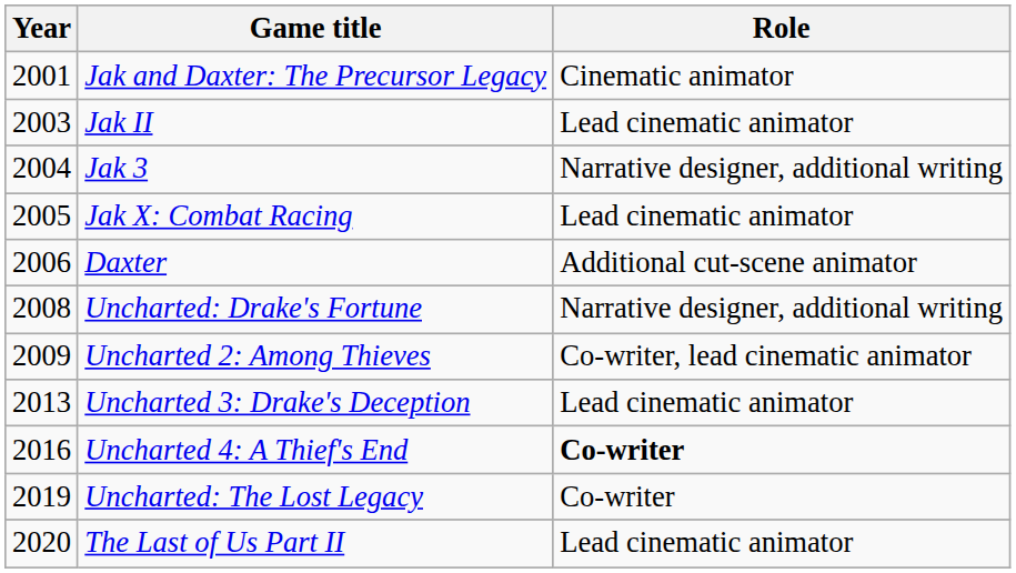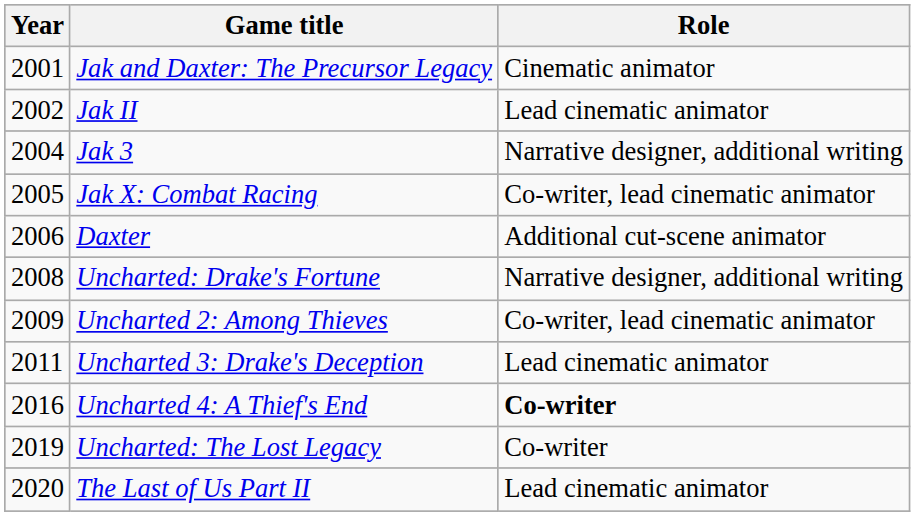 <table class="wikitable sortable" style="border:none; margin:0;">
 <tr valign="bottom">
 <th scope="col">Year</th>
 <th scope="col">Game title</th>
 <th scope="col">Role</th>
 </tr>
 <tr>
 <td>2001</td>
 <td><em><a href='#'>Jak and Daxter: The Precursor Legacy</a></em></td>
 <td>Cinematic animator</td>
 </tr>
 <tr>
-<td>2003</td>
+<td>2002</td>
 <td><em><a href='#'>Jak II</a></em></td>
 <td>Lead cinematic animator</td>
 </tr>
 <tr>
 <td>2004</td>
 <td><em><a href='#'>Jak 3</a></em></td>
 <td>Narrative designer, additional writing</td>
 </tr>
 <tr>
 <td>2005</td>
 <td><em><a href='#'>Jak X: Combat Racing</a></em></td>
-<td>Lead cinematic animator</td>
+<td>Co-writer, lead cinematic animator</td>
 </tr>
 <tr>
 <td>2006</td>
 <td><em><a href='#'>Daxter</a></em></td>
 <td>Additional cut-scene animator</td>
 </tr>
 <tr>
 <td>2008</td>
 <td><em><a href='#'>Uncharted: Drake's Fortune</a></em></td>
 <td>Narrative designer, additional writing</td>
 </tr>
 <tr>
 <td>2009</td>
 <td><em><a href='#'>Uncharted 2: Among Thieves</a></em></td>
 <td>Co-writer, lead cinematic animator</td>
 </tr>
 <tr>
-<td>2013</td>
+<td>2011</td>
 <td><em><a href='#'>Uncharted 3: Drake's Deception</a></em></td>
 <td>Lead cinematic animator</td>
 </tr>
 <tr>
 <td>2016</td>
 <td><em><a href='#'>Uncharted 4: A Thief's End</a></em></td>
 <td><strong>Co-writer</strong></td>
 </tr>
 <tr>
 <td>2019</td>
 <td><em><a href='#'>Uncharted: The Lost Legacy</a></em></td>
 <td>Co-writer</td>
 </tr>
 <tr>
 <td>2020</td>
 <td><em><a href='#'>The Last of Us Part II</a></em></td>
 <td>Lead cinematic animator</td>
 </tr>
 </table>
